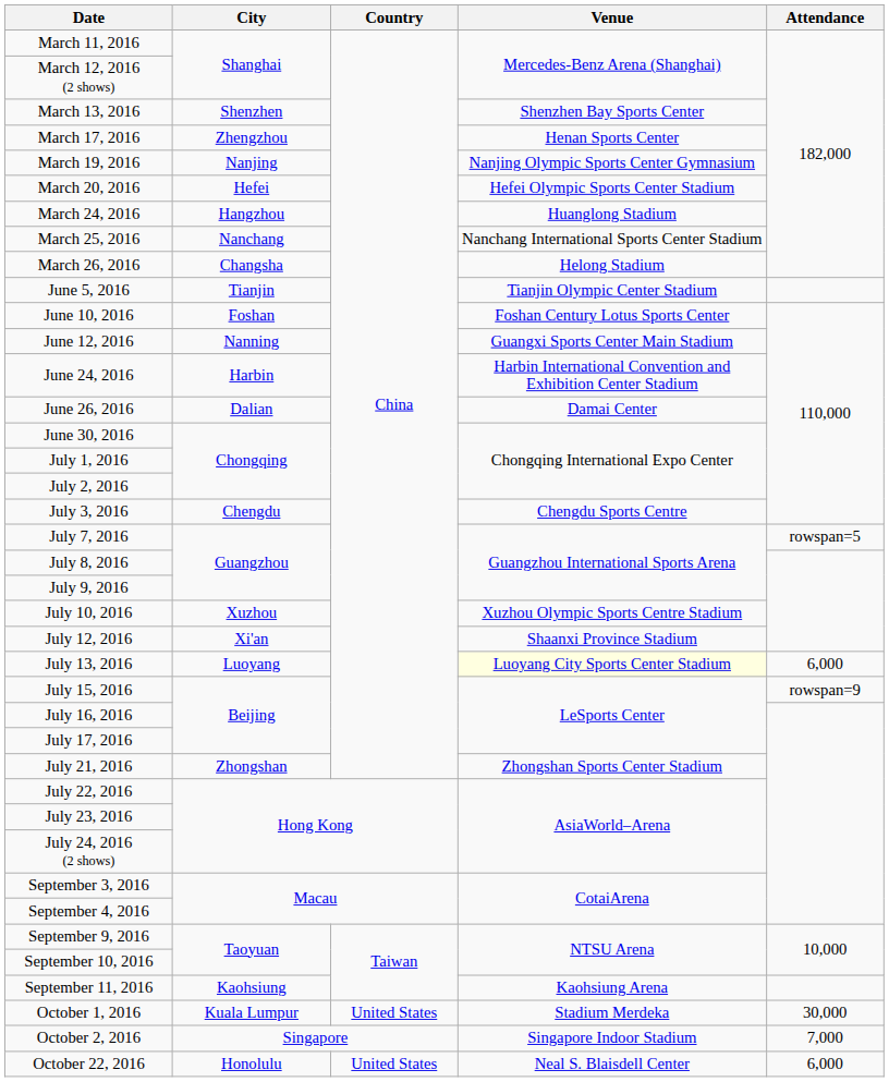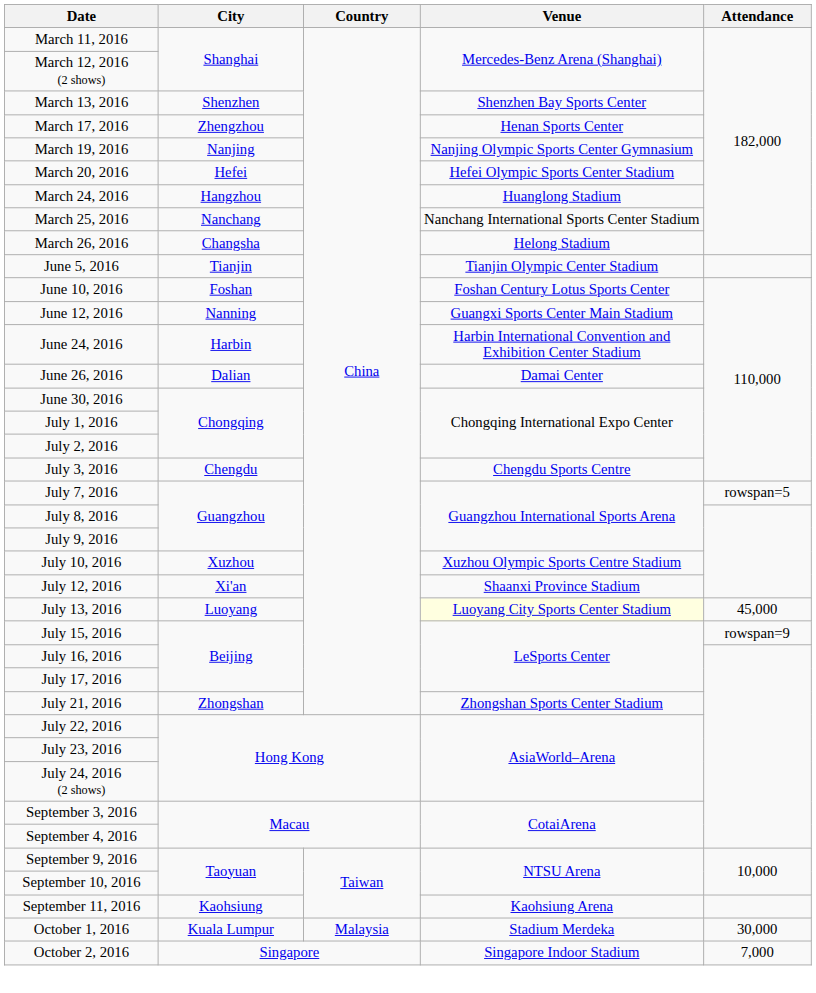 <table class="wikitable" style="text-align:center;">
 <tr>
 <th width="160">Date</th>
 <th width="150">City</th>
 <th width="120">Country</th>
 <th width="300">Venue</th>
 <th width="110">Attendance</th>
 </tr>
 <tr>
 <td>March 11, 2016</td>
 <td rowspan=2><a href='#'>Shanghai</a></td>
 <td rowspan=28><a href='#'>China</a></td>
 <td rowspan=2><a href='#'>Mercedes-Benz Arena (Shanghai)</a></td>
 <td rowspan=9>182,000</td>
 </tr>
 <tr>
 <td>March 12, 2016<br><small>(2 shows)</small></td>
 </tr>
 <tr>
 <td>March 13, 2016</td>
 <td><a href='#'>Shenzhen</a></td>
 <td><a href='#'>Shenzhen Bay Sports Center</a></td>
 </tr>
 <tr>
 <td>March 17, 2016</td>
 <td><a href='#'>Zhengzhou</a></td>
 <td><a href='#'>Henan Sports Center</a></td>
 </tr>
 <tr>
 <td>March 19, 2016</td>
 <td><a href='#'>Nanjing</a></td>
 <td><a href='#'>Nanjing Olympic Sports Center Gymnasium</a></td>
 </tr>
 <tr>
 <td>March 20, 2016</td>
 <td><a href='#'>Hefei</a></td>
 <td><a href='#'>Hefei Olympic Sports Center Stadium</a></td>
 </tr>
 <tr>
 <td>March 24, 2016</td>
 <td><a href='#'>Hangzhou</a></td>
 <td><a href='#'>Huanglong Stadium</a></td>
 </tr>
 <tr>
 <td>March 25, 2016</td>
 <td><a href='#'>Nanchang</a></td>
 <td>Nanchang International Sports Center Stadium</td>
 </tr>
 <tr>
 <td>March 26, 2016</td>
 <td><a href='#'>Changsha</a></td>
 <td><a href='#'>Helong Stadium</a></td>
 </tr>
 <tr>
 <td>June 5, 2016</td>
 <td><a href='#'>Tianjin</a></td>
 <td><a href='#'>Tianjin Olympic Center Stadium</a></td>
 <td></td>
 </tr>
 <tr>
 <td>June 10, 2016</td>
 <td><a href='#'>Foshan</a></td>
 <td><a href='#'>Foshan Century Lotus Sports Center</a></td>
 <td rowspan=8>110,000</td>
 </tr>
 <tr>
 <td>June 12, 2016</td>
 <td><a href='#'>Nanning</a></td>
 <td><a href='#'>Guangxi Sports Center Main Stadium</a></td>
 </tr>
 <tr>
 <td>June 24, 2016</td>
 <td><a href='#'>Harbin</a></td>
 <td><a href='#'>Harbin International Convention and Exhibition Center Stadium</a></td>
 </tr>
 <tr>
 <td>June 26, 2016</td>
 <td><a href='#'>Dalian</a></td>
 <td><a href='#'>Damai Center</a></td>
 </tr>
 <tr>
 <td>June 30, 2016</td>
 <td rowspan=3><a href='#'>Chongqing</a></td>
 <td rowspan=3>Chongqing International Expo Center</td>
 </tr>
 <tr>
 <td>July 1, 2016</td>
 </tr>
 <tr>
 <td>July 2, 2016</td>
 </tr>
 <tr>
 <td>July 3, 2016</td>
 <td><a href='#'>Chengdu</a></td>
 <td><a href='#'>Chengdu Sports Centre</a></td>
 </tr>
 <tr>
 <td>July 7, 2016</td>
 <td rowspan=3><a href='#'>Guangzhou</a></td>
 <td rowspan=3><a href='#'>Guangzhou International Sports Arena</a></td>
 <td>rowspan=5 </td>
 </tr>
 <tr>
 <td>July 8, 2016</td>
 </tr>
 <tr>
 <td>July 9, 2016</td>
 </tr>
 <tr>
 <td>July 10, 2016</td>
 <td><a href='#'>Xuzhou</a></td>
 <td><a href='#'>Xuzhou Olympic Sports Centre Stadium</a></td>
 </tr>
 <tr>
 <td>July 12, 2016</td>
 <td><a href='#'>Xi'an</a></td>
 <td><a href='#'>Shaanxi Province Stadium</a></td>
 </tr>
 <tr>
 <td>July 13, 2016</td>
 <td><a href='#'>Luoyang</a></td>
 <td style="background: lightyellow;"><a href='#'>Luoyang City Sports Center Stadium</a></td>
-<td>6,000</td>
+<td>45,000</td>
 </tr>
 <tr>
 <td>July 15, 2016</td>
 <td rowspan=3><a href='#'>Beijing</a></td>
 <td rowspan=3><a href='#'>LeSports Center</a></td>
 <td>rowspan=9 </td>
 </tr>
 <tr>
 <td>July 16, 2016</td>
 </tr>
 <tr>
 <td>July 17, 2016</td>
 </tr>
 <tr>
 <td>July 21, 2016</td>
 <td><a href='#'>Zhongshan</a></td>
 <td><a href='#'>Zhongshan Sports Center Stadium</a></td>
 </tr>
 <tr>
 <td>July 22, 2016</td>
 <td rowspan=3 colspan="2"><a href='#'>Hong Kong</a></td>
 <td rowspan=3><a href='#'>AsiaWorld–Arena</a></td>
 </tr>
 <tr>
 <td>July 23, 2016</td>
 </tr>
 <tr>
 <td>July 24, 2016<br><small>(2 shows)</small></td>
 </tr>
 <tr>
 <td>September 3, 2016</td>
 <td rowspan=2 colspan="2"><a href='#'>Macau</a></td>
 <td rowspan=2><a href='#'>CotaiArena</a></td>
 </tr>
 <tr>
 <td>September 4, 2016</td>
 </tr>
 <tr>
 <td>September 9, 2016</td>
 <td rowspan=2><a href='#'>Taoyuan</a></td>
 <td rowspan=3><a href='#'>Taiwan</a></td>
 <td rowspan=2><a href='#'>NTSU Arena</a></td>
 <td rowspan=2>10,000</td>
 </tr>
 <tr>
 <td>September 10, 2016</td>
 </tr>
 <tr>
 <td>September 11, 2016</td>
 <td><a href='#'>Kaohsiung</a></td>
 <td><a href='#'>Kaohsiung Arena</a></td>
 <td></td>
 </tr>
 <tr>
 <td>October 1, 2016</td>
 <td><a href='#'>Kuala Lumpur</a></td>
-<td><a href='#'>United States</a></td>
+<td><a href='#'>Malaysia</a></td>
 <td><a href='#'>Stadium Merdeka</a></td>
 <td>30,000</td>
 </tr>
 <tr>
 <td>October 2, 2016</td>
 <td colspan="2"><a href='#'>Singapore</a></td>
 <td><a href='#'>Singapore Indoor Stadium</a></td>
 <td>7,000</td>
 </tr>
-<tr>
-<td>October 22, 2016</td>
-<td><a href='#'>Honolulu</a></td>
-<td><a href='#'>United States</a></td>
-<td><a href='#'>Neal S. Blaisdell Center</a></td>
-<td>6,000</td>
-</tr>
 </table>
